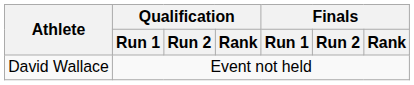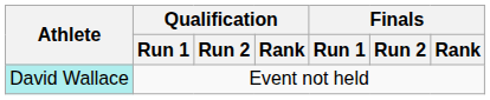 <table class="wikitable" border="1">
 <tr>
 <th rowspan=2>Athlete</th>
 <th colspan=3>Qualification</th>
 <th colspan=3>Finals</th>
 </tr>
 <tr>
 <th>Run 1</th>
 <th>Run 2</th>
 <th>Rank</th>
 <th>Run 1</th>
 <th>Run 2</th>
 <th>Rank</th>
 </tr>
 <tr align=center>
-<td align=left>David Wallace</td>
+<td align=left style="background: paleturquoise;">David Wallace</td>
 <td colspan=6>Event not held</td>
 </tr>
 </table>
